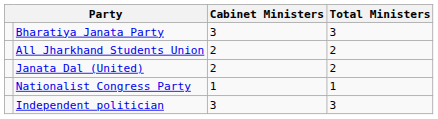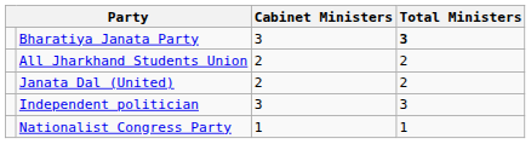 <table class="wikitable">
 <tr>
 <th colspan="2">Party</th>
 <th>Cabinet Ministers</th>
 <th>Total Ministers</th>
 </tr>
 <tr>
 <td width="4px"></td>
 <td><a href='#'>Bharatiya Janata Party</a></td>
 <td>3</td>
-<td>3</td>
+<td><strong>3</strong></td>
 </tr>
 <tr>
 <td width="4px"></td>
 <td><a href='#'>All Jharkhand Students Union</a></td>
 <td>2</td>
 <td>2</td>
 </tr>
 <tr>
 <td width="4px"></td>
 <td><a href='#'>Janata Dal (United)</a></td>
 <td>2</td>
 <td>2</td>
 </tr>
 <tr>
 <td width="4px"></td>
+<td><a href='#'>Independent politician</a></td>
+<td>3</td>
+<td>3</td>
+</tr>
+<tr>
+<td width="4px"></td>
 <td><a href='#'>Nationalist Congress Party</a></td>
 <td>1</td>
 <td>1</td>
 </tr>
-<tr>
-<td width="4px"></td>
-<td><a href='#'>Independent politician</a></td>
-<td>3</td>
-<td>3</td>
-</tr>
 </table>
